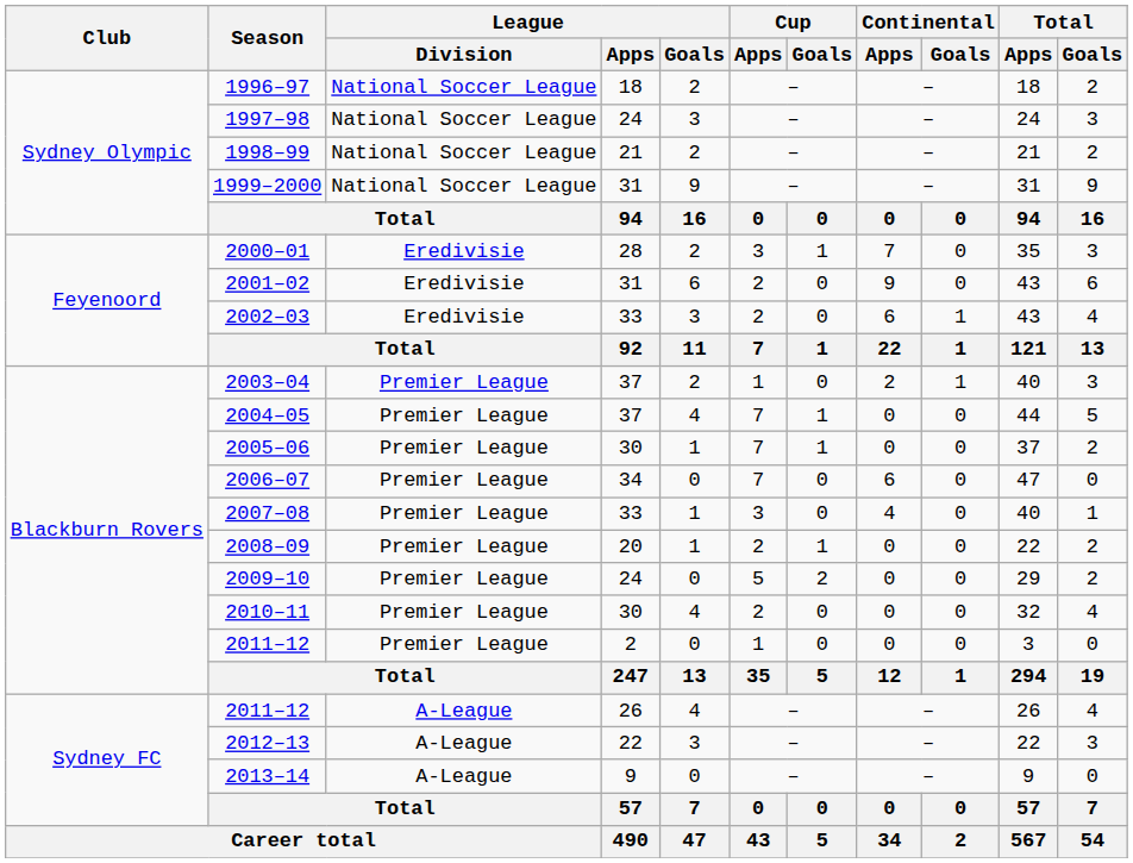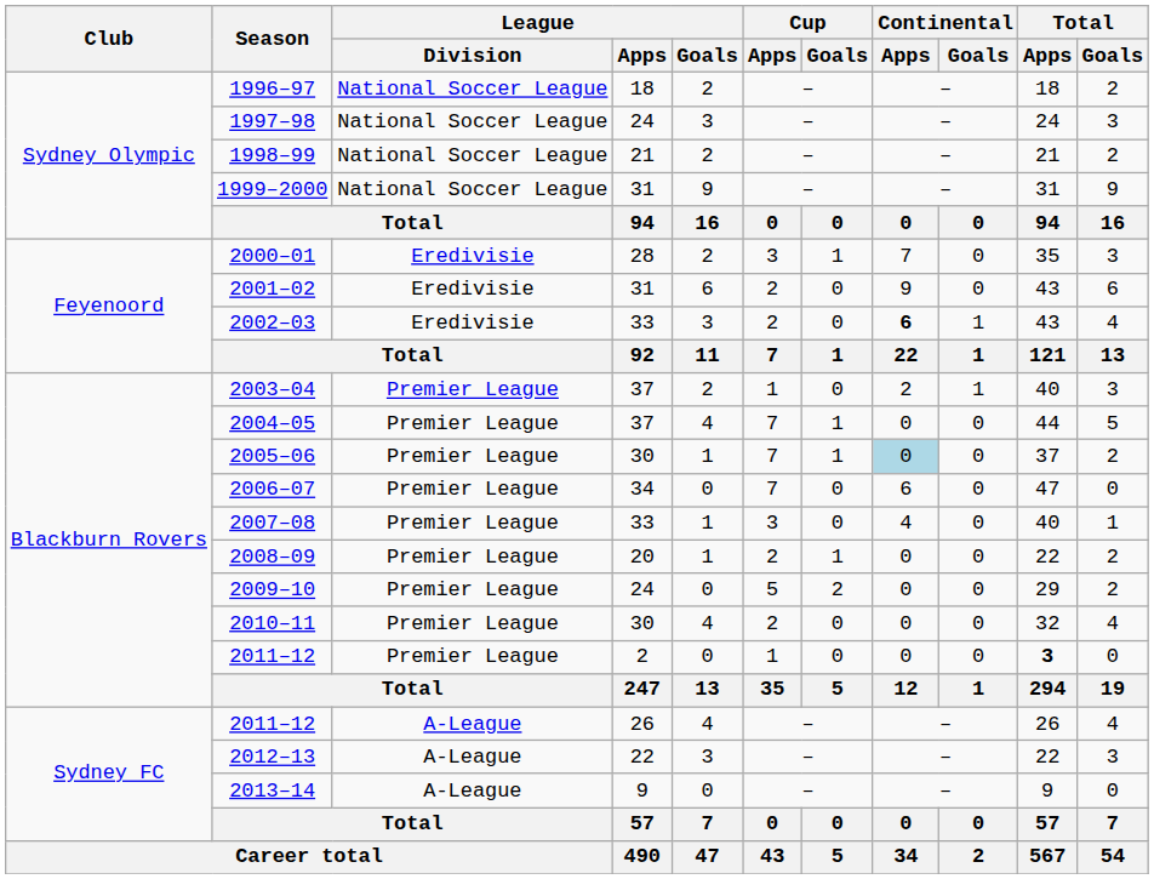 <table class="wikitable" style="text-align:center">
 <tr>
 <th rowspan="2">Club</th>
 <th rowspan="2">Season</th>
 <th colspan="3">League</th>
 <th colspan="2">Cup</th>
 <th colspan="2">Continental</th>
 <th colspan="2">Total</th>
 </tr>
 <tr>
 <th>Division</th>
 <th>Apps</th>
 <th>Goals</th>
 <th>Apps</th>
 <th>Goals</th>
 <th>Apps</th>
 <th>Goals</th>
 <th>Apps</th>
 <th>Goals</th>
 </tr>
 <tr>
 <td rowspan="5"><a href='#'>Sydney Olympic</a></td>
 <td><a href='#'>1996–97</a></td>
 <td><a href='#'>National Soccer League</a></td>
 <td>18</td>
 <td>2</td>
 <td colspan="2">–</td>
 <td colspan="2">–</td>
 <td>18</td>
 <td>2</td>
 </tr>
 <tr>
 <td><a href='#'>1997–98</a></td>
 <td>National Soccer League</td>
 <td>24</td>
 <td>3</td>
 <td colspan="2">–</td>
 <td colspan="2">–</td>
 <td>24</td>
 <td>3</td>
 </tr>
 <tr>
 <td><a href='#'>1998–99</a></td>
 <td>National Soccer League</td>
 <td>21</td>
 <td>2</td>
 <td colspan="2">–</td>
 <td colspan="2">–</td>
 <td>21</td>
 <td>2</td>
 </tr>
 <tr>
 <td><a href='#'>1999–2000</a></td>
 <td>National Soccer League</td>
 <td>31</td>
 <td>9</td>
 <td colspan="2">–</td>
 <td colspan="2">–</td>
 <td>31</td>
 <td>9</td>
 </tr>
 <tr>
 <th colspan="2">Total</th>
 <th>94</th>
 <th>16</th>
 <th>0</th>
 <th>0</th>
 <th>0</th>
 <th>0</th>
 <th>94</th>
 <th>16</th>
 </tr>
 <tr>
 <td rowspan="4"><a href='#'>Feyenoord</a></td>
 <td><a href='#'>2000–01</a></td>
 <td><a href='#'>Eredivisie</a></td>
 <td>28</td>
 <td>2</td>
 <td>3</td>
 <td>1</td>
 <td>7</td>
 <td>0</td>
 <td>35</td>
 <td>3</td>
 </tr>
 <tr>
 <td><a href='#'>2001–02</a></td>
 <td>Eredivisie</td>
 <td>31</td>
 <td>6</td>
 <td>2</td>
 <td>0</td>
 <td>9</td>
 <td>0</td>
 <td>43</td>
 <td>6</td>
 </tr>
 <tr>
 <td><a href='#'>2002–03</a></td>
 <td>Eredivisie</td>
 <td>33</td>
 <td>3</td>
 <td>2</td>
 <td>0</td>
-<td>6</td>
+<td><strong>6</strong></td>
 <td>1</td>
 <td>43</td>
 <td>4</td>
 </tr>
 <tr>
 <th colspan="2">Total</th>
 <th>92</th>
 <th>11</th>
 <th>7</th>
 <th>1</th>
 <th>22</th>
 <th>1</th>
 <th>121</th>
 <th>13</th>
 </tr>
 <tr>
 <td rowspan="10"><a href='#'>Blackburn Rovers</a></td>
 <td><a href='#'>2003–04</a></td>
 <td><a href='#'>Premier League</a></td>
 <td>37</td>
 <td>2</td>
 <td>1</td>
 <td>0</td>
 <td>2</td>
 <td>1</td>
 <td>40</td>
 <td>3</td>
 </tr>
 <tr>
 <td><a href='#'>2004–05</a></td>
 <td>Premier League</td>
 <td>37</td>
 <td>4</td>
 <td>7</td>
 <td>1</td>
 <td>0</td>
 <td>0</td>
 <td>44</td>
 <td>5</td>
 </tr>
 <tr>
 <td><a href='#'>2005–06</a></td>
 <td>Premier League</td>
 <td>30</td>
 <td>1</td>
 <td>7</td>
 <td>1</td>
-<td>0</td>
+<td style="background: lightblue;">0</td>
 <td>0</td>
 <td>37</td>
 <td>2</td>
 </tr>
 <tr>
 <td><a href='#'>2006–07</a></td>
 <td>Premier League</td>
 <td>34</td>
 <td>0</td>
 <td>7</td>
 <td>0</td>
 <td>6</td>
 <td>0</td>
 <td>47</td>
 <td>0</td>
 </tr>
 <tr>
 <td><a href='#'>2007–08</a></td>
 <td>Premier League</td>
 <td>33</td>
 <td>1</td>
 <td>3</td>
 <td>0</td>
 <td>4</td>
 <td>0</td>
 <td>40</td>
 <td>1</td>
 </tr>
 <tr>
 <td><a href='#'>2008–09</a></td>
 <td>Premier League</td>
 <td>20</td>
 <td>1</td>
 <td>2</td>
 <td>1</td>
 <td>0</td>
 <td>0</td>
 <td>22</td>
 <td>2</td>
 </tr>
 <tr>
 <td><a href='#'>2009–10</a></td>
 <td>Premier League</td>
 <td>24</td>
 <td>0</td>
 <td>5</td>
 <td>2</td>
 <td>0</td>
 <td>0</td>
 <td>29</td>
 <td>2</td>
 </tr>
 <tr>
 <td><a href='#'>2010–11</a></td>
 <td>Premier League</td>
 <td>30</td>
 <td>4</td>
 <td>2</td>
 <td>0</td>
 <td>0</td>
 <td>0</td>
 <td>32</td>
 <td>4</td>
 </tr>
 <tr>
 <td><a href='#'>2011–12</a></td>
 <td>Premier League</td>
 <td>2</td>
 <td>0</td>
 <td>1</td>
 <td>0</td>
 <td>0</td>
 <td>0</td>
-<td>3</td>
+<td><strong>3</strong></td>
 <td>0</td>
 </tr>
 <tr>
 <th colspan="2">Total</th>
 <th>247</th>
 <th>13</th>
 <th>35</th>
 <th>5</th>
 <th>12</th>
 <th>1</th>
 <th>294</th>
 <th>19</th>
 </tr>
 <tr>
 <td rowspan="4"><a href='#'>Sydney FC</a></td>
 <td><a href='#'>2011–12</a></td>
 <td><a href='#'>A-League</a></td>
 <td>26</td>
 <td>4</td>
 <td colspan="2">–</td>
 <td colspan="2">–</td>
 <td>26</td>
 <td>4</td>
 </tr>
 <tr>
 <td><a href='#'>2012–13</a></td>
 <td>A-League</td>
 <td>22</td>
 <td>3</td>
 <td colspan="2">–</td>
 <td colspan="2">–</td>
 <td>22</td>
 <td>3</td>
 </tr>
 <tr>
 <td><a href='#'>2013–14</a></td>
 <td>A-League</td>
 <td>9</td>
 <td>0</td>
 <td colspan="2">–</td>
 <td colspan="2">–</td>
 <td>9</td>
 <td>0</td>
 </tr>
 <tr>
 <th colspan="2">Total</th>
 <th>57</th>
 <th>7</th>
 <th>0</th>
 <th>0</th>
 <th>0</th>
 <th>0</th>
 <th>57</th>
 <th>7</th>
 </tr>
 <tr>
 <th colspan="3">Career total</th>
 <th>490</th>
 <th>47</th>
 <th>43</th>
 <th>5</th>
 <th>34</th>
 <th>2</th>
 <th>567</th>
 <th>54</th>
 </tr>
 </table>
